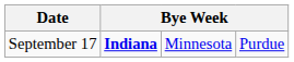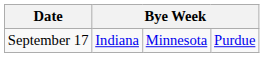 <table class="wikitable" style="font-size:95%;">
 <tr>
 <th>Date</th>
 <th colspan="3">Bye Week</th>
 </tr>
 <tr>
 <td>September 17</td>
-<td><strong><a href='#'>Indiana</a></strong></td>
+<td><a href='#'>Indiana</a></td>
 <td><a href='#'>Minnesota</a></td>
 <td><a href='#'>Purdue</a></td>
 </tr>
 </table>
